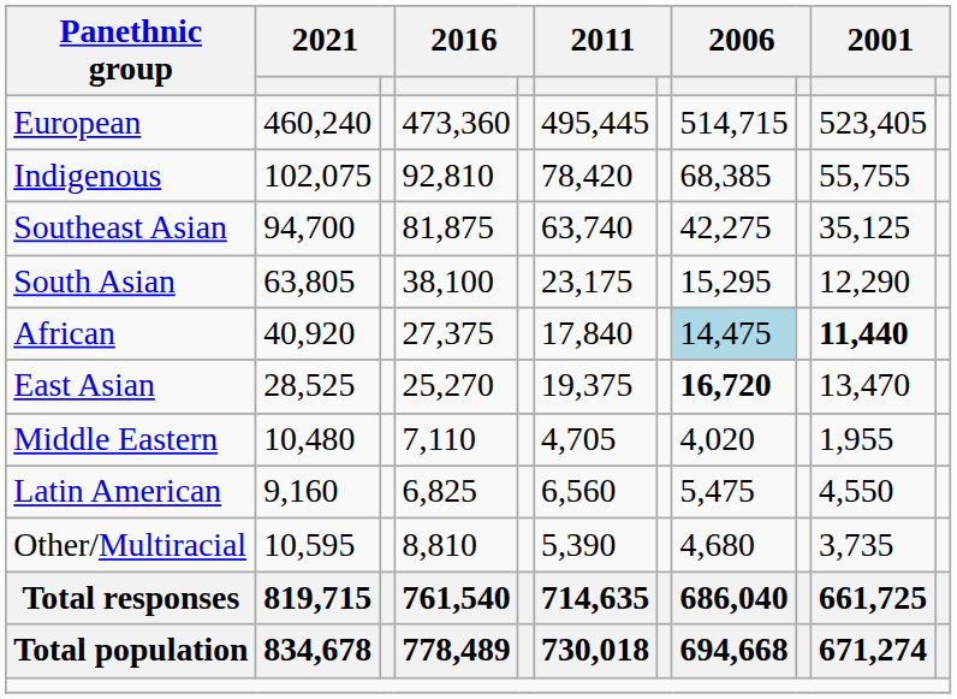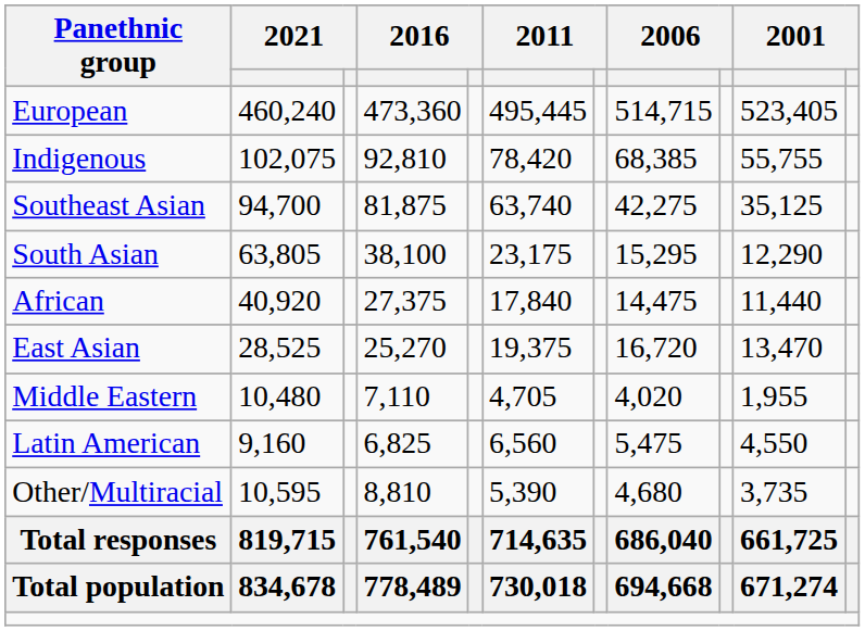 <table class="wikitable collapsible sortable">
 <tr>
 <th rowspan="2"><a href='#'>Panethnic</a><br>group</th>
 <th colspan="2">2021</th>
 <th colspan="2">2016</th>
 <th colspan="2">2011</th>
 <th colspan="2">2006</th>
 <th colspan="2">2001</th>
 </tr>
 <tr>
 <th><a href='#'></a></th>
 <th></th>
 <th></th>
 <th></th>
 <th></th>
 <th></th>
 <th></th>
 <th></th>
 <th></th>
 <th></th>
 </tr>
 <tr>
 <td><a href='#'>European</a></td>
 <td>460,240</td>
 <td></td>
 <td>473,360</td>
 <td></td>
 <td>495,445</td>
 <td></td>
 <td>514,715</td>
 <td></td>
 <td>523,405</td>
 <td></td>
 </tr>
 <tr>
 <td><a href='#'>Indigenous</a></td>
 <td>102,075</td>
 <td></td>
 <td>92,810</td>
 <td></td>
 <td>78,420</td>
 <td></td>
 <td>68,385</td>
 <td></td>
 <td>55,755</td>
 <td></td>
 </tr>
 <tr>
 <td><a href='#'>Southeast Asian</a></td>
 <td>94,700</td>
 <td></td>
 <td>81,875</td>
 <td></td>
 <td>63,740</td>
 <td></td>
 <td>42,275</td>
 <td></td>
 <td>35,125</td>
 <td></td>
 </tr>
 <tr>
 <td><a href='#'>South Asian</a></td>
 <td>63,805</td>
 <td></td>
 <td>38,100</td>
 <td></td>
 <td>23,175</td>
 <td></td>
 <td>15,295</td>
 <td></td>
 <td>12,290</td>
 <td></td>
 </tr>
 <tr>
 <td><a href='#'>African</a></td>
 <td>40,920</td>
 <td></td>
 <td>27,375</td>
 <td></td>
 <td>17,840</td>
 <td></td>
-<td style="background: lightblue;">14,475</td>
+<td>14,475</td>
 <td></td>
-<td><strong>11,440</strong></td>
+<td>11,440</td>
 <td></td>
 </tr>
 <tr>
 <td><a href='#'>East Asian</a></td>
 <td>28,525</td>
 <td></td>
 <td>25,270</td>
 <td></td>
 <td>19,375</td>
 <td></td>
-<td><strong>16,720</strong></td>
+<td>16,720</td>
 <td></td>
 <td>13,470</td>
 <td></td>
 </tr>
 <tr>
 <td><a href='#'>Middle Eastern</a></td>
 <td>10,480</td>
 <td></td>
 <td>7,110</td>
 <td></td>
 <td>4,705</td>
 <td></td>
 <td>4,020</td>
 <td></td>
 <td>1,955</td>
 <td></td>
 </tr>
 <tr>
 <td><a href='#'>Latin American</a></td>
 <td>9,160</td>
 <td></td>
 <td>6,825</td>
 <td></td>
 <td>6,560</td>
 <td></td>
 <td>5,475</td>
 <td></td>
 <td>4,550</td>
 <td></td>
 </tr>
 <tr>
 <td>Other/<a href='#'>Multiracial</a></td>
 <td>10,595</td>
 <td></td>
 <td>8,810</td>
 <td></td>
 <td>5,390</td>
 <td></td>
 <td>4,680</td>
 <td></td>
 <td>3,735</td>
 <td></td>
 </tr>
 <tr>
 <th>Total responses</th>
 <th>819,715</th>
 <th></th>
 <th>761,540</th>
 <th></th>
 <th>714,635</th>
 <th></th>
 <th>686,040</th>
 <th></th>
 <th>661,725</th>
 <th></th>
 </tr>
 <tr>
 <th>Total population</th>
 <th>834,678</th>
 <th></th>
 <th>778,489</th>
 <th></th>
 <th>730,018</th>
 <th></th>
 <th>694,668</th>
 <th></th>
 <th>671,274</th>
 <th></th>
 </tr>
 <tr class="sortbottom">
 <td colspan="15"></td>
 </tr>
 </table>
